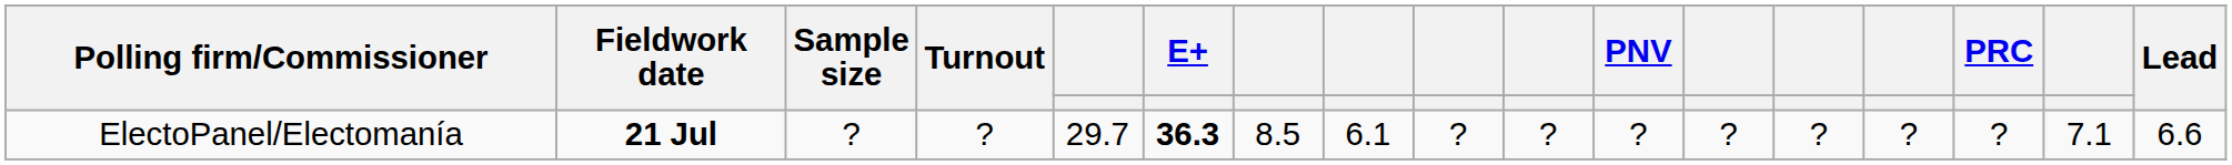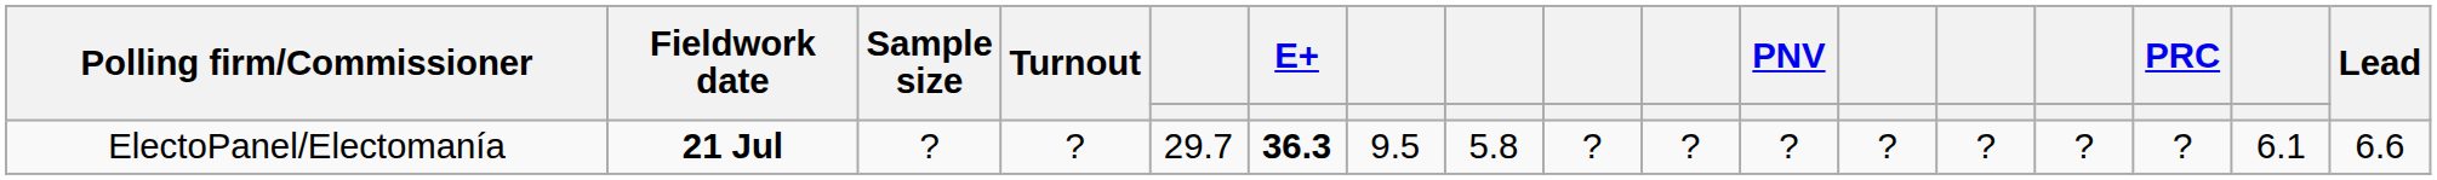 <table class="wikitable collapsible collapsed" style="text-align:center; font-size:95%; line-height:16px;">
 <tr style="height:42px;">
 <th style="width:250px;" rowspan="2">Polling firm/Commissioner</th>
 <th style="width:100px;" rowspan="2">Fieldwork date</th>
 <th style="width:50px;" rowspan="2">Sample size</th>
 <th style="width:50px;" rowspan="2">Turnout</th>
 <th style="width:35px;"></th>
 <th style="width:35px;"><a href='#'>E+</a></th>
 <th style="width:35px;"></th>
 <th style="width:35px;"></th>
 <th style="width:35px;"></th>
 <th style="width:35px;"></th>
 <th style="width:35px;"><a href='#'>PNV</a></th>
 <th style="width:35px;"></th>
 <th style="width:35px;"></th>
 <th style="width:35px;"></th>
 <th style="width:35px;"><a href='#'>PRC</a></th>
 <th style="width:35px;"></th>
 <th style="width:30px;" rowspan="2">Lead</th>
 </tr>
 <tr>
 <th style="color:inherit;background:"></th>
 <th style="color:inherit;background:"></th>
 <th style="color:inherit;background:"></th>
 <th style="color:inherit;background:"></th>
 <th style="color:inherit;background:"></th>
 <th style="color:inherit;background:"></th>
 <th style="color:inherit;background:"></th>
 <th style="color:inherit;background:"></th>
 <th style="color:inherit;background:"></th>
 <th style="color:inherit;background:"></th>
 <th style="color:inherit;background:"></th>
 <th style="color:inherit;background:"></th>
 </tr>
 <tr>
 <td>ElectoPanel/Electomanía</td>
 <td><strong>21 Jul</strong></td>
 <td>?</td>
 <td>?</td>
 <td>29.7<br></td>
 <td><strong>36.3</strong><br></td>
-<td>8.5<br></td>
-<td>6.1<br></td>
+<td>9.5<br></td>
+<td>5.8<br></td>
 <td>?<br></td>
 <td>?<br></td>
 <td>?<br></td>
 <td>?<br></td>
 <td>?<br></td>
 <td>?<br></td>
 <td>?<br></td>
-<td>7.1<br></td>
+<td>6.1<br></td>
 <td style="background:">6.6</td>
 </tr>
 </table>
